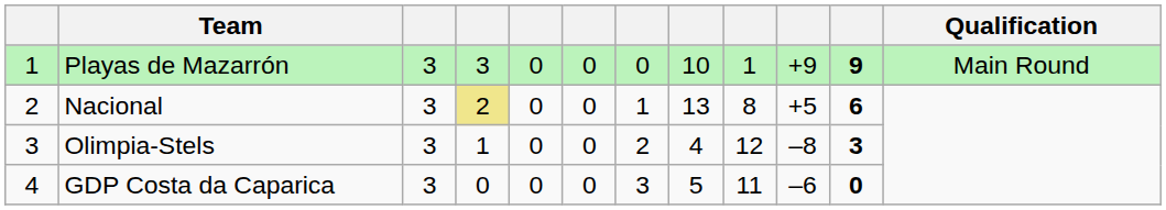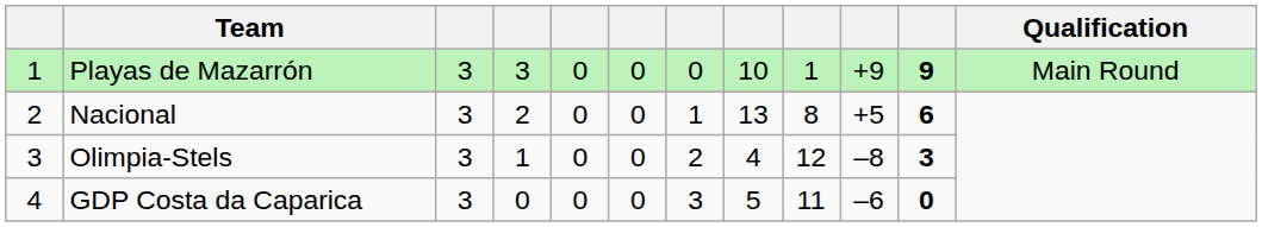 <table class="wikitable" style="font-size: 95%">
 <tr>
 <th width="25"></th>
 <th width="200">Team</th>
 <th width="25"></th>
 <th width="25"></th>
 <th width="25"></th>
 <th width="25"></th>
 <th width="25"></th>
 <th width="25"></th>
 <th width="25"></th>
 <th width="25"></th>
 <th width="25"></th>
 <th width="160">Qualification</th>
 </tr>
 <tr align=center bgcolor=#bbf3bb>
 <td>1</td>
 <td align=left> Playas de Mazarrón</td>
 <td>3</td>
 <td>3</td>
 <td>0</td>
 <td>0</td>
 <td>0</td>
 <td>10</td>
 <td>1</td>
 <td>+9</td>
 <td><strong>9</strong></td>
 <td>Main Round</td>
 </tr>
 <tr align=center>
 <td>2</td>
 <td align=left> Nacional</td>
 <td>3</td>
-<td style="background: khaki;">2</td>
+<td>2</td>
 <td>0</td>
 <td>0</td>
 <td>1</td>
 <td>13</td>
 <td>8</td>
 <td>+5</td>
 <td><strong>6</strong></td>
 <td rowspan=3></td>
 </tr>
 <tr align=center>
 <td>3</td>
 <td align=left> Olimpia-Stels</td>
 <td>3</td>
 <td>1</td>
 <td>0</td>
 <td>0</td>
 <td>2</td>
 <td>4</td>
 <td>12</td>
 <td>–8</td>
 <td><strong>3</strong></td>
 </tr>
 <tr align=center>
 <td>4</td>
 <td align=left> GDP Costa da Caparica</td>
 <td>3</td>
 <td>0</td>
 <td>0</td>
 <td>0</td>
 <td>3</td>
 <td>5</td>
 <td>11</td>
 <td>–6</td>
 <td><strong>0</strong></td>
 </tr>
 </table>
